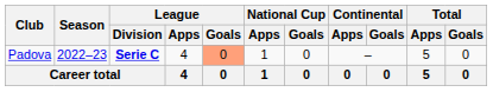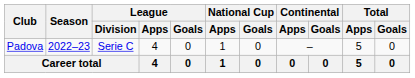 <table class="wikitable" style="text-align:center">
 <tr>
 <th rowspan="2">Club</th>
 <th rowspan="2">Season</th>
 <th colspan="3">League</th>
 <th colspan="2">National Cup</th>
 <th colspan="2">Continental</th>
 <th colspan="2">Total</th>
 </tr>
 <tr>
 <th>Division</th>
 <th>Apps</th>
 <th>Goals</th>
 <th>Apps</th>
 <th>Goals</th>
 <th>Apps</th>
 <th>Goals</th>
 <th>Apps</th>
 <th>Goals</th>
 </tr>
 <tr>
 <td><a href='#'>Padova</a></td>
 <td><a href='#'>2022–23</a></td>
-<td><strong><a href='#'>Serie C</a></strong></td>
+<td><a href='#'>Serie C</a></td>
 <td>4</td>
-<td style="background: lightsalmon;">0</td>
+<td>0</td>
 <td>1</td>
 <td>0</td>
 <td colspan="2">–</td>
 <td>5</td>
 <td>0</td>
 </tr>
 <tr>
 <th colspan="3">Career total</th>
 <th>4</th>
 <th>0</th>
 <th>1</th>
 <th>0</th>
 <th>0</th>
 <th>0</th>
 <th>5</th>
 <th>0</th>
 </tr>
 </table>
